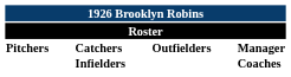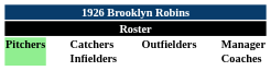 <table class="toccolours" style="font-size: 95%;">
 <tr>
 <th colspan="10" style="background-color: #083c6b; color: white; text-align: center;">1926 Brooklyn Robins</th>
 </tr>
 <tr>
 <td colspan="10" style="background-color: black; color: white; text-align: center;"><strong>Roster</strong></td>
 </tr>
 <tr>
-<td valign="top"><strong>Pitchers</strong><br>          </td>
+<td valign="top" style="background: lightgreen;"><strong>Pitchers</strong><br>          </td>
 <td width="25px"></td>
 <td valign="top"><strong>Catchers</strong><br>   <strong>Infielders</strong>          </td>
 <td width="25px"></td>
 <td valign="top"><strong>Outfielders</strong><br>      </td>
 <td width="25px"></td>
 <td valign="top"><strong>Manager</strong><br> <strong>Coaches</strong>   </td>
 </tr>
 </table>
